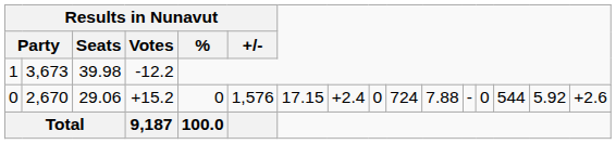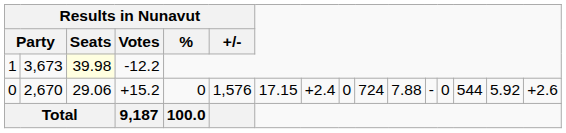 <table class="wikitable">
 <tr>
 <th align="center" colspan=6>Results in Nunavut</th>
 </tr>
 <tr>
 <th align="centre" colspan=2>Party</th>
 <th align="right">Seats</th>
 <th align="right">Votes</th>
 <th align="right">%</th>
 <th align="right">+/-</th>
 </tr>
 <tr>
 <td align="right">1</td>
 <td align="right">3,673</td>
-<td align="right">39.98</td>
+<td align="right" style="background: lightyellow;">39.98</td>
 <td align="right">-12.2</td>
 </tr>
 <tr>
 <td align="right">0</td>
 <td align="right">2,670</td>
 <td align="right">29.06</td>
 <td align="right">+15.2<br></td>
 <td align="right">0</td>
 <td align="right">1,576</td>
 <td align="right">17.15</td>
 <td align="right">+2.4<br></td>
 <td align="right">0</td>
 <td align="right">724</td>
 <td align="right">7.88</td>
 <td align="right">-<br></td>
 <td align="right">0</td>
 <td align="right">544</td>
 <td align="right">5.92</td>
 <td align="right">+2.6</td>
 </tr>
 <tr bgcolor="white">
 <th align="left" colspan=3>Total</th>
 <th align="right">9,187</th>
 <th align="right">100.0</th>
 <th align="right"></th>
 </tr>
 </table>
